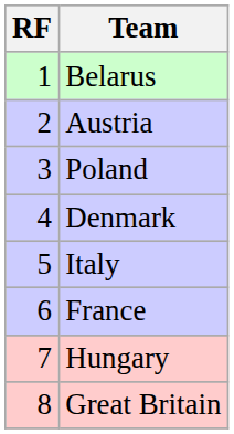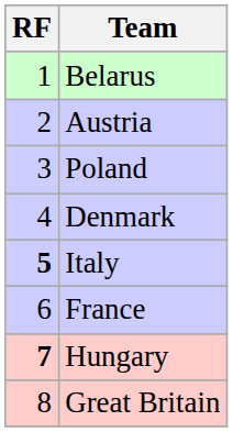 <table class="wikitable">
 <tr>
 <th>RF</th>
 <th>Team</th>
 </tr>
 <tr bgcolor="#CCFFCC" align="right">
 <td>1</td>
 <td align="left">Belarus</td>
 </tr>
 <tr bgcolor="#CCCCFF" align="right">
 <td>2</td>
 <td align="left">Austria</td>
 </tr>
 <tr bgcolor="#CCCCFF" align="right">
 <td>3</td>
 <td align="left">Poland</td>
 </tr>
 <tr bgcolor="#CCCCFF" align="right">
 <td>4</td>
 <td align="left">Denmark</td>
 </tr>
 <tr bgcolor="#CCCCFF" align="right">
-<td>5</td>
+<td><strong>5</strong></td>
 <td align="left">Italy</td>
 </tr>
 <tr bgcolor="#CCCCFF" align="right">
 <td>6</td>
 <td align="left">France</td>
 </tr>
 <tr bgcolor="#FFCCCC" align="right">
-<td>7</td>
+<td><strong>7</strong></td>
 <td align="left">Hungary</td>
 </tr>
 <tr bgcolor="#FFCCCC" align="right">
 <td>8</td>
 <td align="left">Great Britain</td>
 </tr>
 </table>
